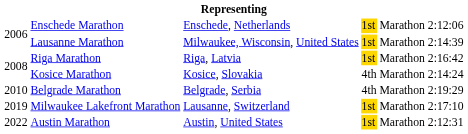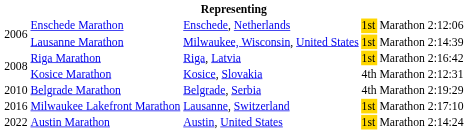 <table>
 <tr>
 <th colspan="6">Representing </th>
 </tr>
 <tr>
 <td rowspan="2">2006</td>
 <td><a href='#'>Enschede Marathon</a></td>
 <td><a href='#'>Enschede</a>, <a href='#'>Netherlands</a></td>
 <td bgcolor="gold">1st</td>
 <td>Marathon</td>
 <td>2:12:06</td>
 </tr>
 <tr>
 <td><a href='#'>Lausanne Marathon</a></td>
 <td><a href='#'>Milwaukee, Wisconsin</a>, <a href='#'>United States</a></td>
 <td bgcolor="gold">1st</td>
 <td>Marathon</td>
 <td>2:14:39</td>
 </tr>
 <tr>
 <td rowspan="2">2008</td>
 <td><a href='#'>Riga Marathon</a></td>
 <td><a href='#'>Riga</a>, <a href='#'>Latvia</a></td>
 <td bgcolor="gold">1st</td>
 <td>Marathon</td>
 <td>2:16:42</td>
 </tr>
 <tr>
 <td><a href='#'>Kosice Marathon</a></td>
 <td><a href='#'>Kosice</a>, <a href='#'>Slovakia</a></td>
 <td>4th</td>
 <td>Marathon</td>
-<td>2:14:24 </td>
+<td>2:12:31</td>
 </tr>
 <tr>
 <td>2010</td>
 <td><a href='#'>Belgrade Marathon</a></td>
 <td><a href='#'>Belgrade</a>, <a href='#'>Serbia</a></td>
 <td>4th</td>
 <td>Marathon</td>
 <td>2:19:29</td>
 </tr>
 <tr>
-<td>2019</td>
+<td>2016</td>
 <td><a href='#'>Milwaukee Lakefront Marathon</a></td>
 <td><a href='#'>Lausanne</a>, <a href='#'>Switzerland</a></td>
 <td bgcolor="gold">1st</td>
 <td>Marathon</td>
 <td>2:17:10</td>
 </tr>
 <tr>
 <td>2022</td>
 <td><a href='#'>Austin Marathon</a></td>
 <td><a href='#'>Austin</a>, <a href='#'>United States</a></td>
 <td bgcolor="gold">1st</td>
 <td>Marathon</td>
-<td>2:12:31</td>
+<td>2:14:24 </td>
 </tr>
 </table>
